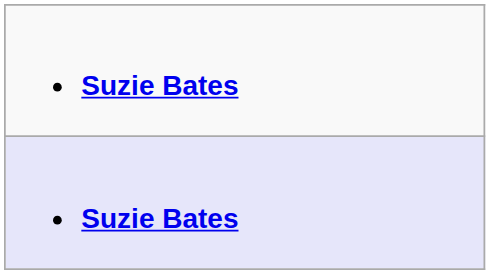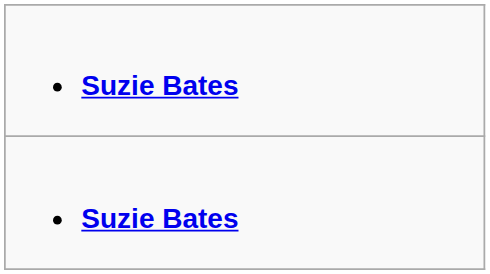 <table class=wikitable>
 <tr>
 <td valign="top" width="50%"><br><ul><li><strong> <a href='#'>Suzie Bates</a></strong></li></ul></td>
 </tr>
 <tr>
-<td valign="top" width="50%" style="background: lavender;"><br><ul><li><strong> <a href='#'>Suzie Bates</a></strong></li></ul></td>
+<td valign="top" width="50%"><br><ul><li><strong> <a href='#'>Suzie Bates</a></strong></li></ul></td>
 </tr>
 </table>
